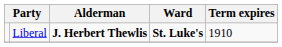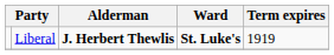 <table class="wikitable">
 <tr>
 <th colspan="2">Party</th>
 <th>Alderman</th>
 <th>Ward</th>
 <th>Term expires</th>
 </tr>
 <tr>
 <td style="background-color:"></td>
 <td><a href='#'>Liberal</a></td>
 <td><strong>J. Herbert Thewlis</strong></td>
 <td><strong>St. Luke's</strong></td>
-<td>1910</td>
+<td>1919</td>
 </tr>
 <tr>
 </tr>
 </table>
